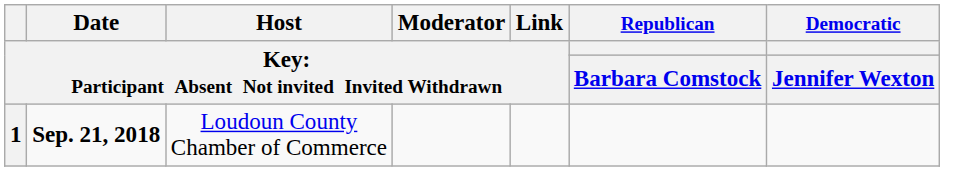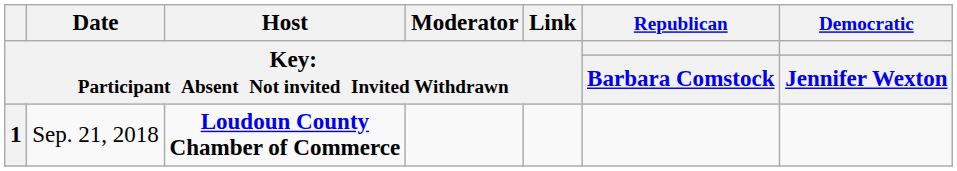 <table class="wikitable" style="text-align:center;">
 <tr>
 <th scope="col"></th>
 <th scope="col">Date</th>
 <th scope="col">Host</th>
 <th scope="col">Moderator</th>
 <th scope="col">Link</th>
 <th scope="col"><small><a href='#'>Republican</a></small></th>
 <th scope="col"><small><a href='#'>Democratic</a></small></th>
 </tr>
 <tr>
 <th colspan="5" rowspan="2">Key:<br> <small>Participant </small>  <small>Absent </small>  <small>Not invited </small>  <small>Invited  Withdrawn</small></th>
 <th scope="col" style="background:"></th>
 <th scope="col" style="background:"></th>
 </tr>
 <tr>
 <th scope="col"><a href='#'>Barbara Comstock</a></th>
 <th scope="col"><a href='#'>Jennifer Wexton</a></th>
 </tr>
 <tr>
 <th>1</th>
-<td style="white-space:nowrap;"><strong>Sep. 21, 2018</strong></td>
-<td style="white-space:nowrap;"><a href='#'>Loudoun County</a><br>Chamber of Commerce</td>
+<td style="white-space:nowrap;">Sep. 21, 2018</td>
+<td style="white-space:nowrap;"><strong><a href='#'>Loudoun County</a><br>Chamber of Commerce</strong></td>
 <td style="white-space:nowrap;"></td>
 <td style="white-space:nowrap;"></td>
 <td></td>
 <td></td>
 </tr>
 </table>
